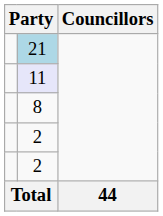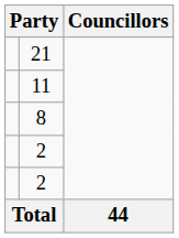 <table class="wikitable">
 <tr>
 <th colspan=2>Party</th>
 <th>Councillors</th>
 </tr>
 <tr>
 <td></td>
-<td align=center style="background: lightblue;">21</td>
+<td align=center>21</td>
 </tr>
 <tr>
 <td></td>
-<td align=center style="background: lavender;">11</td>
+<td align=center>11</td>
 </tr>
 <tr>
 <td></td>
 <td align=center>8</td>
 </tr>
 <tr>
 <td></td>
 <td align=center>2</td>
 </tr>
 <tr>
 <td></td>
 <td align=center>2</td>
 </tr>
 <tr>
 <th colspan=2>Total</th>
 <th align=center>44</th>
 </tr>
 </table>
